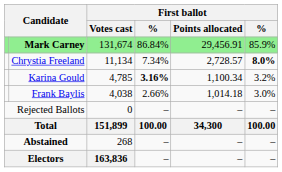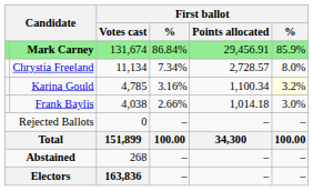 <table class="wikitable">
 <tr>
 <th rowspan="2" colspan="2">Candidate</th>
 <th colspan="4">First ballot</th>
 </tr>
 <tr>
 <th>Votes cast</th>
 <th>%</th>
 <th>Points allocated</th>
 <th>%</th>
 </tr>
 <tr style="text-align:right;background:lightgreen;">
 <td></td>
 <td><strong>Mark Carney</strong></td>
 <td>131,674</td>
 <td>86.84%</td>
 <td>29,456.91</td>
 <td>85.9%</td>
 </tr>
 <tr style="text-align:right;">
 <td></td>
 <td><a href='#'>Chrystia Freeland</a></td>
 <td>11,134</td>
 <td>7.34%</td>
 <td>2,728.57</td>
-<td><strong>8.0%</strong></td>
+<td>8.0%</td>
 </tr>
 <tr style="text-align:right;">
 <td></td>
 <td><a href='#'>Karina Gould</a></td>
 <td>4,785</td>
-<td><strong>3.16%</strong></td>
+<td>3.16%</td>
 <td>1,100.34</td>
-<td>3.2%</td>
+<td style="background: lightyellow;">3.2%</td>
 </tr>
 <tr style="text-align:right;">
 <td></td>
 <td><a href='#'>Frank Baylis</a></td>
 <td>4,038</td>
 <td>2.66%</td>
 <td>1,014.18</td>
 <td>3.0%</td>
 </tr>
 <tr style="text-align:right;">
 <td colspan="2">Rejected Ballots</td>
 <td>0</td>
 <td>–</td>
 <td>–</td>
 <td>–</td>
 </tr>
 <tr style="text-align:right;">
 <th colspan="2">Total</th>
 <th>151,899</th>
 <th>100.00</th>
 <th>34,300</th>
 <th>100.00</th>
 </tr>
 <tr style="text-align:right;">
 <td colspan="2" style="text-align:center;"><strong>Abstained</strong></td>
 <td>268</td>
 <td>–</td>
 <td>–</td>
 <td>–</td>
 </tr>
 <tr style="text-align:right;">
 <th colspan="2">Electors</th>
 <th>163,836</th>
 <td>–</td>
 <td>–</td>
 <td>–</td>
 </tr>
 </table>
